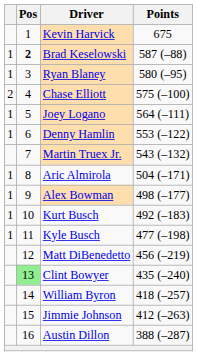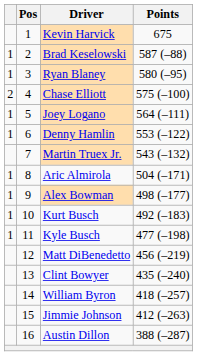 <table class="wikitable" style="font-size: 95%">
 <tr>
 <th></th>
 <th>Pos</th>
 <th>Driver</th>
 <th>Points</th>
 </tr>
 <tr>
 <td align="left"></td>
 <td style="text-align:center;">1</td>
 <td style="background:#FFDEAD;"><a href='#'>Kevin Harvick</a></td>
 <td style="text-align:center;">675</td>
 </tr>
 <tr>
 <td align="left"> 1</td>
-<td style="text-align:center;"><strong>2</strong></td>
+<td style="text-align:center;">2</td>
 <td style="background:#FFDEAD;"><a href='#'>Brad Keselowski</a></td>
 <td style="text-align:center;">587 (–88)</td>
 </tr>
 <tr>
 <td align="left"> 1</td>
 <td style="text-align:center;">3</td>
 <td style="background:#FFDEAD;"><a href='#'>Ryan Blaney</a></td>
 <td style="text-align:center;">580 (–95)</td>
 </tr>
 <tr>
 <td align="left"> 2</td>
 <td style="text-align:center;">4</td>
 <td style="background:#FFDEAD;"><a href='#'>Chase Elliott</a></td>
 <td style="text-align:center;">575 (–100)</td>
 </tr>
 <tr>
 <td align="left"> 1</td>
 <td style="text-align:center;">5</td>
 <td style="background:#FFDEAD;"><a href='#'>Joey Logano</a></td>
 <td style="text-align:center;">564 (–111)</td>
 </tr>
 <tr>
 <td align="left"> 1</td>
 <td style="text-align:center;">6</td>
 <td style="background:#FFDEAD;"><a href='#'>Denny Hamlin</a></td>
 <td style="text-align:center;">553 (–122)</td>
 </tr>
 <tr>
 <td align="left"></td>
 <td style="text-align:center;">7</td>
 <td style="background:#FFDEAD;"><a href='#'>Martin Truex Jr.</a></td>
 <td style="text-align:center;">543 (–132)</td>
 </tr>
 <tr>
 <td align="left"> 1</td>
 <td style="text-align:center;">8</td>
 <td><a href='#'>Aric Almirola</a></td>
 <td style="text-align:center;">504 (–171)</td>
 </tr>
 <tr>
 <td align="left"> 1</td>
 <td style="text-align:center;">9</td>
 <td style="background:#FFDEAD;"><a href='#'>Alex Bowman</a></td>
 <td style="text-align:center;">498 (–177)</td>
 </tr>
 <tr>
 <td align="left"> 1</td>
 <td style="text-align:center;">10</td>
 <td><a href='#'>Kurt Busch</a></td>
 <td style="text-align:center;">492 (–183)</td>
 </tr>
 <tr>
 <td align="left"> 1</td>
 <td style="text-align:center;">11</td>
 <td><a href='#'>Kyle Busch</a></td>
 <td style="text-align:center;">477 (–198)</td>
 </tr>
 <tr>
 <td align="left"></td>
 <td style="text-align:center;">12</td>
 <td><a href='#'>Matt DiBenedetto</a></td>
 <td style="text-align:center;">456 (–219)</td>
 </tr>
 <tr>
 <td align="left"></td>
-<td style="background: lightgreen; text-align:center;">13</td>
+<td style="text-align:center;">13</td>
 <td><a href='#'>Clint Bowyer</a></td>
 <td style="text-align:center;">435 (–240)</td>
 </tr>
 <tr>
 <td align="left"></td>
 <td style="text-align:center;">14</td>
 <td><a href='#'>William Byron</a></td>
 <td style="text-align:center;">418 (–257)</td>
 </tr>
 <tr>
 <td align="left"></td>
 <td style="text-align:center;">15</td>
 <td><a href='#'>Jimmie Johnson</a></td>
 <td style="text-align:center;">412 (–263)</td>
 </tr>
 <tr>
 <td align="left"></td>
 <td style="text-align:center;">16</td>
 <td><a href='#'>Austin Dillon</a></td>
 <td style="text-align:center;">388 (–287)</td>
 </tr>
 <tr class="sortbottom">
 <th colspan="9"></th>
 </tr>
 </table>
